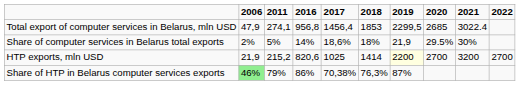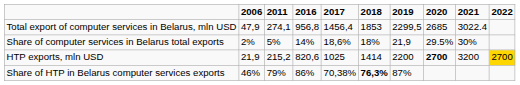 <table class="wikitable">
 <tr>
 <td></td>
 <td><strong>2006</strong></td>
 <td><strong>2011</strong></td>
 <td><strong>2016</strong></td>
 <td><strong>2017</strong></td>
 <td><strong>2018</strong></td>
 <td><strong>2019</strong></td>
 <td><strong>2020</strong></td>
 <td><strong>2021</strong></td>
 <td><strong>2022</strong></td>
 </tr>
 <tr>
 <td>Total export of computer services in Belarus, mln USD</td>
 <td>47,9</td>
 <td>274,1</td>
 <td>956,8</td>
 <td>1456,4</td>
 <td>1853</td>
 <td>2299,5</td>
 <td>2685</td>
 <td>3022.4</td>
 <td></td>
 </tr>
 <tr>
 <td>Share of computer services in Belarus total exports</td>
 <td>2%</td>
 <td>5%</td>
 <td>14%</td>
 <td>18,6%</td>
 <td>18%</td>
 <td>21,9</td>
 <td>29.5%</td>
 <td>30%</td>
 </tr>
 <tr>
 <td>HTP exports, mln USD</td>
 <td>21,9</td>
 <td>215,2</td>
 <td>820,6</td>
 <td>1025</td>
 <td>1414</td>
-<td style="background: lightyellow;">2200</td>
-<td>2700</td>
+<td>2200</td>
+<td><strong>2700</strong></td>
 <td>3200</td>
-<td>2700</td>
+<td style="background: gold;">2700</td>
 </tr>
 <tr>
 <td>Share of HTP in Belarus computer services exports</td>
-<td style="background: lightgreen;">46%</td>
+<td>46%</td>
 <td>79%</td>
 <td>86%</td>
 <td>70,38%</td>
-<td>76,3%</td>
+<td><strong>76,3%</strong></td>
 <td>87%</td>
 <td></td>
 <td></td>
 </tr>
 </table>
